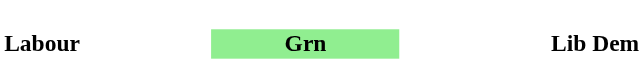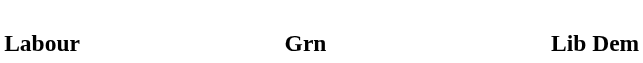 <table style="width:100%; text-align:center;">
 <tr style="color:white;">
 <td style="background:"><strong>88</strong></td>
 <td style="background:"><strong>4</strong></td>
 <td style="background:"><strong>4</strong></td>
 </tr>
 <tr>
 <td><span><strong>Labour</strong></span></td>
-<td style="background: lightgreen;"><span><strong>Grn</strong></span></td>
+<td><span><strong>Grn</strong></span></td>
 <td><span><strong>Lib Dem</strong></span></td>
 </tr>
 </table>
